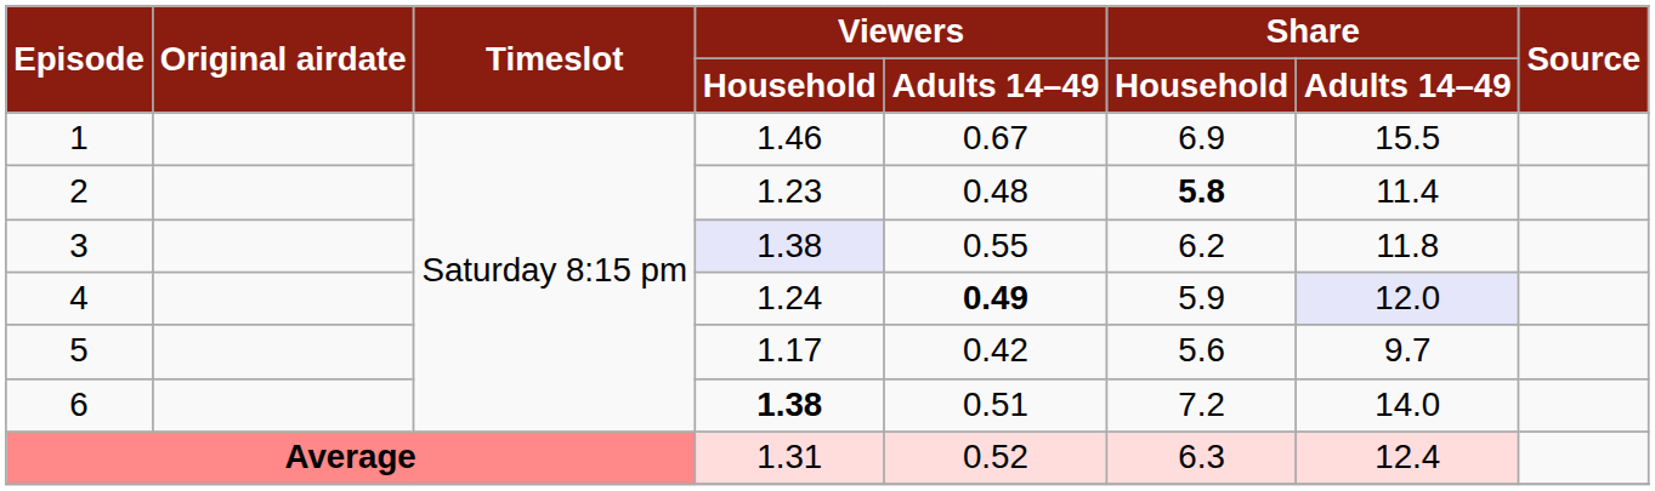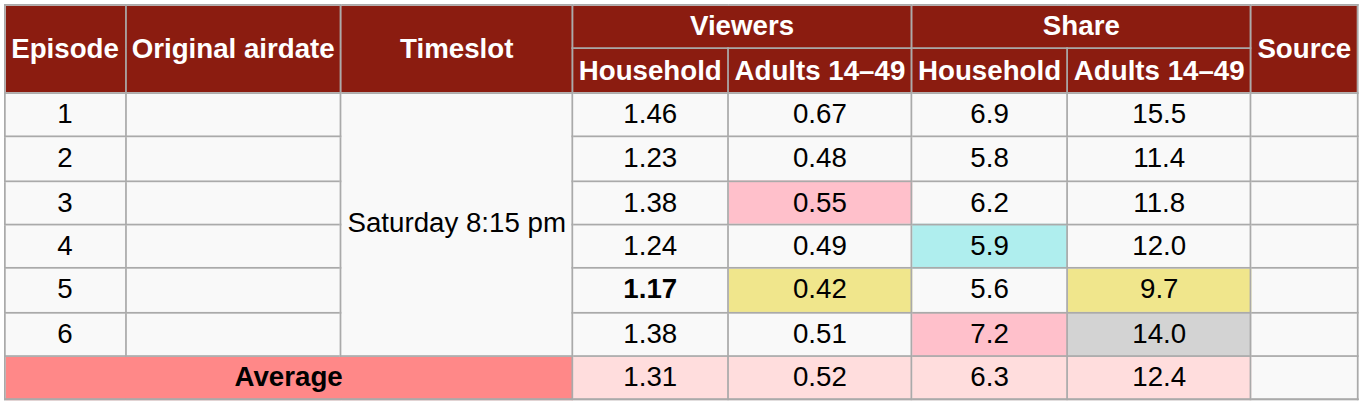 <table class="wikitable" style="text-align:center;">
 <tr>
 <th style="background:#8b1c10; color:#fff;" rowspan="2">Episode</th>
 <th style="background:#8b1c10; color:#fff;" rowspan="2">Original airdate</th>
 <th style="background:#8b1c10; color:#fff;" rowspan="2">Timeslot</th>
 <th style="background:#8b1c10; color:#fff;" colspan="2">Viewers<br><small></small></th>
 <th style="background:#8b1c10; color:#fff;" colspan="2">Share<br><small></small></th>
 <th style="background:#8b1c10; color:#fff;" rowspan="2">Source</th>
 </tr>
 <tr>
 <th style="background:#8b1c10; color:#fff;">Household</th>
 <th style="background:#8b1c10; color:#fff;">Adults 14–49</th>
 <th style="background:#8b1c10; color:#fff;">Household</th>
 <th style="background:#8b1c10; color:#fff;">Adults 14–49</th>
 </tr>
 <tr>
 <td>1</td>
 <td></td>
 <td rowspan="6">Saturday 8:15 pm</td>
 <td>1.46</td>
 <td>0.67</td>
 <td>6.9</td>
 <td>15.5</td>
 <td></td>
 </tr>
 <tr>
 <td>2</td>
 <td></td>
 <td>1.23</td>
 <td>0.48</td>
-<td><strong>5.8</strong></td>
+<td>5.8</td>
 <td>11.4</td>
 <td></td>
 </tr>
 <tr>
 <td>3</td>
 <td></td>
-<td style="background: lavender;">1.38</td>
-<td>0.55</td>
+<td>1.38</td>
+<td style="background: pink;">0.55</td>
 <td>6.2</td>
 <td>11.8</td>
 <td></td>
 </tr>
 <tr>
 <td>4</td>
 <td></td>
 <td>1.24</td>
-<td><strong>0.49</strong></td>
-<td>5.9</td>
-<td style="background: lavender;">12.0</td>
+<td>0.49</td>
+<td style="background: paleturquoise;">5.9</td>
+<td>12.0</td>
 <td></td>
 </tr>
 <tr>
 <td>5</td>
 <td></td>
-<td>1.17</td>
-<td>0.42</td>
+<td><strong>1.17</strong></td>
+<td style="background: khaki;">0.42</td>
 <td>5.6</td>
-<td>9.7</td>
+<td style="background: khaki;">9.7</td>
 <td></td>
 </tr>
 <tr>
 <td>6</td>
 <td></td>
-<td><strong>1.38</strong></td>
+<td>1.38</td>
 <td>0.51</td>
-<td>7.2</td>
-<td>14.0</td>
+<td style="background: pink;">7.2</td>
+<td style="background: lightgrey;">14.0</td>
 <td></td>
 </tr>
 <tr>
 <th style="background:#ff8888;" colspan="3">Average</th>
 <td style="background:#ffdddd;">1.31</td>
 <td style="background:#ffdddd;">0.52</td>
 <td style="background:#ffdddd;">6.3</td>
 <td style="background:#ffdddd;">12.4</td>
 <td></td>
 </tr>
 <tr>
 </tr>
 </table>
